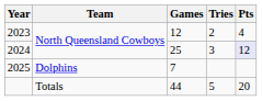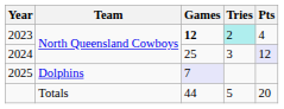 <table class="wikitable">
 <tr>
 <th>Year</th>
 <th>Team</th>
 <th>Games</th>
 <th>Tries</th>
 <th>Pts</th>
 </tr>
 <tr>
 <td>2023</td>
 <td rowspan="2"> <a href='#'>North Queensland Cowboys</a></td>
-<td>12</td>
-<td>2</td>
+<td><strong>12</strong></td>
+<td style="background: paleturquoise;">2</td>
 <td>4</td>
 </tr>
 <tr>
 <td>2024</td>
 <td>25</td>
 <td>3</td>
 <td style="background: lavender;">12</td>
 </tr>
 <tr>
 <td>2025</td>
 <td> <a href='#'>Dolphins</a></td>
-<td>7</td>
+<td style="background: lavender;">7</td>
 <td></td>
 <td></td>
 </tr>
 <tr>
 <td></td>
 <td>Totals</td>
 <td>44</td>
 <td>5</td>
 <td>20</td>
 </tr>
 </table>
